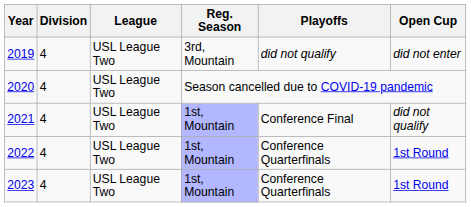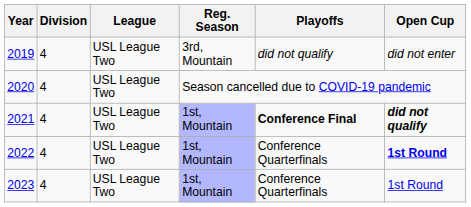 <table class="wikitable">
 <tr>
 <th>Year</th>
 <th>Division</th>
 <th>League</th>
 <th>Reg. Season</th>
 <th>Playoffs</th>
 <th>Open Cup</th>
 </tr>
 <tr>
 <td><a href='#'>2019</a></td>
 <td>4</td>
 <td>USL League Two</td>
 <td>3rd, Mountain</td>
 <td><em>did not qualify</em></td>
 <td><em>did not enter</em></td>
 </tr>
 <tr>
 <td><a href='#'>2020</a></td>
 <td>4</td>
 <td>USL League Two</td>
 <td colspan=3>Season cancelled due to <a href='#'>COVID-19 pandemic</a></td>
 </tr>
 <tr>
 <td><a href='#'>2021</a></td>
 <td>4</td>
 <td>USL League Two</td>
 <td bgcolor="B3B7FF">1st, Mountain</td>
-<td>Conference Final</td>
-<td><em>did not qualify</em></td>
+<td><strong>Conference Final</strong></td>
+<td><strong><em>did not qualify</em></strong></td>
 </tr>
 <tr>
 <td><a href='#'>2022</a></td>
 <td>4</td>
 <td>USL League Two</td>
 <td bgcolor="B3B7FF">1st, Mountain</td>
 <td>Conference Quarterfinals</td>
-<td><a href='#'>1st Round</a></td>
+<td><strong><a href='#'>1st Round</a></strong></td>
 </tr>
 <tr>
 <td><a href='#'>2023</a></td>
 <td>4</td>
 <td>USL League Two</td>
 <td bgcolor="B3B7FF">1st, Mountain</td>
 <td>Conference Quarterfinals</td>
 <td><a href='#'>1st Round</a></td>
 </tr>
 </table>
